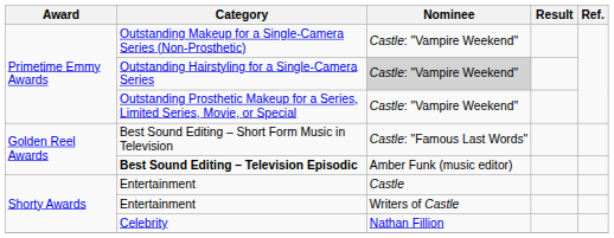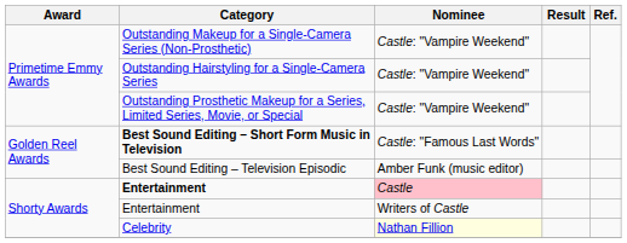 <table class="wikitable sortable" style="width:90%;">
 <tr>
 <th style="width:17%;">Award</th>
 <th style="width:38%;">Category</th>
 <th style="width:25%;">Nominee</th>
 <th style="width:7%;">Result</th>
 <th style="width:3%;">Ref.</th>
 </tr>
 <tr>
 <td rowspan="3"><a href='#'>Primetime Emmy Awards</a></td>
 <td><a href='#'>Outstanding Makeup for a Single-Camera Series (Non-Prosthetic)</a></td>
 <td><em>Castle</em>: "Vampire Weekend"</td>
 <td></td>
 <td align="center" rowspan="3"></td>
 </tr>
 <tr>
 <td><a href='#'>Outstanding Hairstyling for a Single-Camera Series</a></td>
-<td style="background: lightgrey;"><em>Castle</em>: "Vampire Weekend"</td>
+<td><em>Castle</em>: "Vampire Weekend"</td>
 <td></td>
 </tr>
 <tr>
 <td><a href='#'>Outstanding Prosthetic Makeup for a Series, Limited Series, Movie, or Special</a></td>
 <td><em>Castle</em>: "Vampire Weekend"</td>
 <td></td>
 </tr>
 <tr>
 <td rowspan="2"><a href='#'>Golden Reel Awards</a></td>
-<td>Best Sound Editing – Short Form Music in Television</td>
+<td><strong>Best Sound Editing – Short Form Music in Television</strong></td>
 <td><em>Castle</em>: "Famous Last Words"</td>
 <td></td>
 <td></td>
 </tr>
 <tr>
-<td><strong>Best Sound Editing – Television Episodic</strong></td>
+<td>Best Sound Editing – Television Episodic</td>
 <td>Amber Funk (music editor)</td>
 <td></td>
 <td></td>
 </tr>
 <tr>
 <td rowspan="3"><a href='#'>Shorty Awards</a></td>
-<td>Entertainment</td>
-<td><em>Castle</em></td>
+<td><strong>Entertainment</strong></td>
+<td style="background: pink;"><em>Castle</em></td>
 <td></td>
 <td></td>
 </tr>
 <tr>
 <td>Entertainment</td>
 <td>Writers of <em>Castle</em></td>
 <td></td>
 <td></td>
 </tr>
 <tr>
 <td><a href='#'>Celebrity</a></td>
-<td><a href='#'>Nathan Fillion</a></td>
+<td style="background: lightyellow;"><a href='#'>Nathan Fillion</a></td>
 <td></td>
 <td></td>
 </tr>
 <tr>
 </tr>
 </table>
